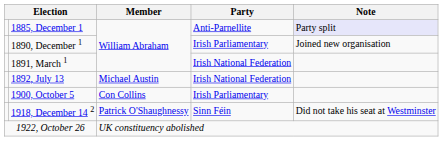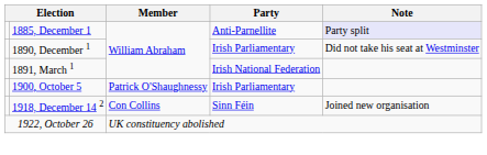 <table class="wikitable">
 <tr>
 <th colspan="2">Election</th>
 <th>Member</th>
 <th>Party</th>
 <th>Note</th>
 </tr>
 <tr>
 <td style="color:inherit;background-color: "></td>
 <td><a href='#'>1885, December 1</a></td>
 <td rowspan="3"><a href='#'>William Abraham</a></td>
 <td><a href='#'>Anti-Parnellite</a></td>
 <td style="background: lavender;">Party split</td>
 </tr>
 <tr>
 <td style="color:inherit;background-color: "></td>
 <td>1890, December <sup>1</sup></td>
 <td><a href='#'>Irish Parliamentary</a></td>
-<td>Joined new organisation</td>
+<td>Did not take his seat at <a href='#'>Westminster</a></td>
 </tr>
 <tr>
 <td style="color:inherit;background-color: "></td>
 <td>1891, March <sup>1</sup></td>
 <td><a href='#'>Irish National Federation</a></td>
 <td></td>
 </tr>
 <tr>
 <td style="color:inherit;background-color: "></td>
-<td><a href='#'>1892, July 13</a></td>
-<td><a href='#'>Michael Austin</a></td>
-<td><a href='#'>Irish National Federation</a></td>
-<td></td>
-</tr>
-<tr>
-<td style="color:inherit;background-color: "></td>
 <td><a href='#'>1900, October 5</a></td>
-<td><a href='#'>Con Collins</a></td>
+<td><a href='#'>Patrick O'Shaughnessy</a></td>
 <td><a href='#'>Irish Parliamentary</a></td>
 <td></td>
 </tr>
 <tr>
 <td style="color:inherit;background-color: "></td>
 <td><a href='#'>1918, December 14</a> <sup>2</sup></td>
-<td><a href='#'>Patrick O'Shaughnessy</a></td>
+<td><a href='#'>Con Collins</a></td>
 <td><a href='#'>Sinn Féin</a></td>
-<td>Did not take his seat at <a href='#'>Westminster</a></td>
+<td>Joined new organisation</td>
 </tr>
 <tr>
 <td colspan="2" align="center"><em>1922, October 26</em></td>
 <td colspan="3"><em>UK constituency abolished</em></td>
 </tr>
 </table>
